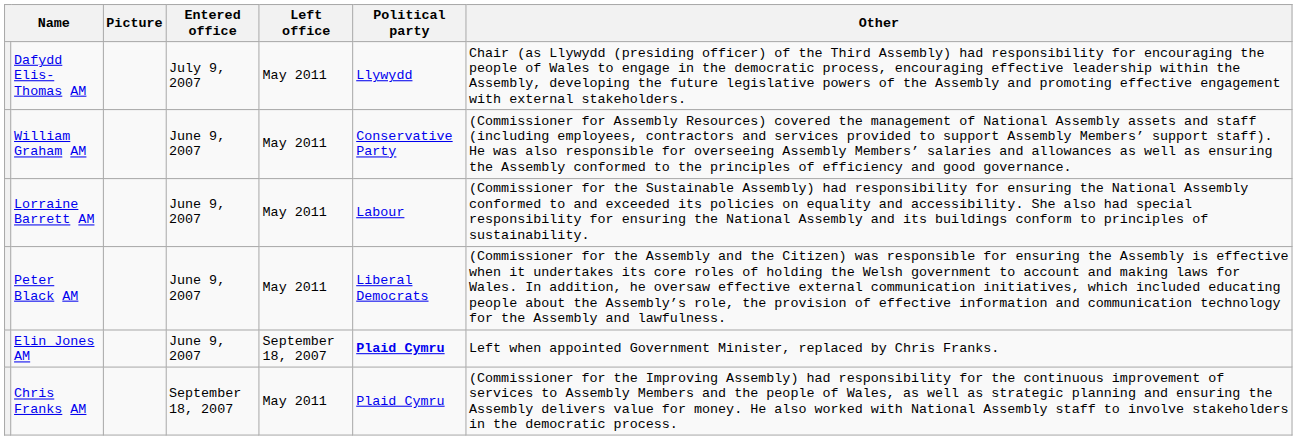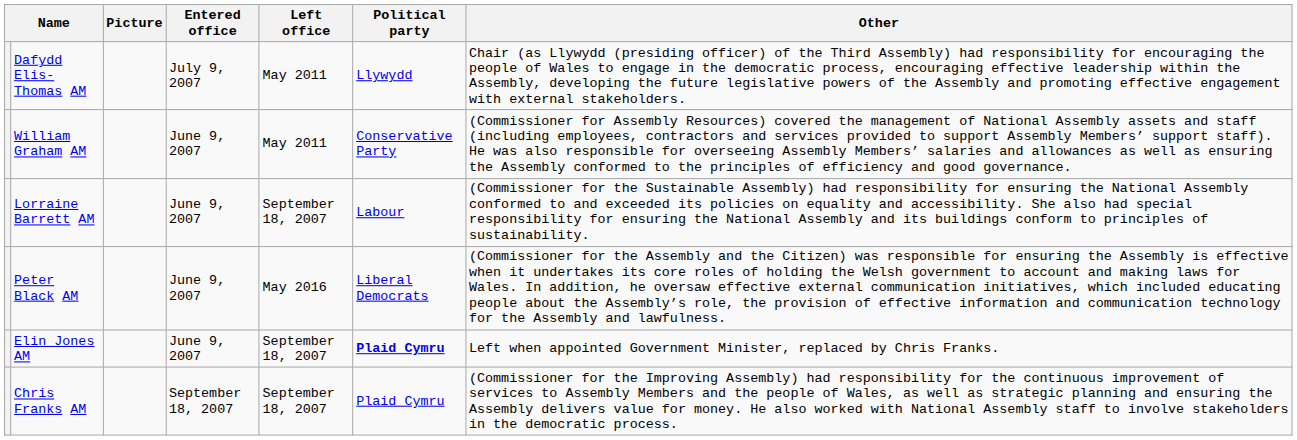 <table class="wikitable">
 <tr>
 <th colspan=2>Name</th>
 <th>Picture</th>
 <th>Entered office</th>
 <th>Left office</th>
 <th>Political party</th>
 <th>Other</th>
 </tr>
 <tr>
 <th style="background-color:"></th>
 <td><a href='#'>Dafydd Elis-Thomas</a> <a href='#'>AM</a></td>
 <td></td>
 <td>July 9, 2007</td>
 <td>May 2011</td>
 <td><a href='#'>Llywydd</a></td>
 <td>Chair (as Llywydd (presiding officer) of the Third Assembly) had responsibility for encouraging the people of Wales to engage in the democratic process, encouraging effective leadership within the Assembly, developing the future legislative powers of the Assembly and promoting effective engagement with external stakeholders.</td>
 </tr>
 <tr>
 <th style="background-color:"></th>
 <td><a href='#'>William Graham</a> <a href='#'>AM</a></td>
 <td></td>
 <td>June 9, 2007</td>
 <td>May 2011</td>
 <td><a href='#'>Conservative Party</a></td>
 <td>(Commissioner for Assembly Resources) covered the management of National Assembly assets and staff (including employees, contractors and services provided to support Assembly Members’ support staff). He was also responsible for overseeing Assembly Members’ salaries and allowances as well as ensuring the Assembly conformed to the principles of efficiency and good governance.</td>
 </tr>
 <tr>
 <th style="background-color:"></th>
 <td><a href='#'>Lorraine Barrett</a> <a href='#'>AM</a></td>
 <td></td>
 <td>June 9, 2007</td>
-<td>May 2011</td>
+<td>September 18, 2007</td>
 <td><a href='#'>Labour</a></td>
 <td>(Commissioner for the Sustainable Assembly) had responsibility for ensuring the National Assembly conformed to and exceeded its policies on equality and accessibility. She also had special responsibility for ensuring the National Assembly and its buildings conform to principles of sustainability.</td>
 </tr>
 <tr>
 <th style="background-color:"></th>
 <td><a href='#'>Peter Black</a> <a href='#'>AM</a></td>
 <td></td>
 <td>June 9, 2007</td>
-<td>May 2011</td>
+<td>May 2016</td>
 <td><a href='#'>Liberal Democrats</a></td>
 <td>(Commissioner for the Assembly and the Citizen) was responsible for ensuring the Assembly is effective when it undertakes its core roles of holding the Welsh government to account and making laws for Wales. In addition, he oversaw effective external communication initiatives, which included educating people about the Assembly’s role, the provision of effective information and communication technology for the Assembly and lawfulness.</td>
 </tr>
 <tr>
 <th style="background-color:"></th>
 <td><a href='#'>Elin Jones</a> <a href='#'>AM</a></td>
 <td></td>
 <td>June 9, 2007</td>
 <td>September 18, 2007</td>
 <td><strong><a href='#'>Plaid Cymru</a></strong></td>
 <td>Left when appointed Government Minister, replaced by Chris Franks.</td>
 </tr>
 <tr>
 <th style="background-color:"></th>
 <td><a href='#'>Chris Franks</a> <a href='#'>AM</a></td>
 <td></td>
 <td>September 18, 2007</td>
-<td>May 2011</td>
+<td>September 18, 2007</td>
 <td><a href='#'>Plaid Cymru</a></td>
 <td>(Commissioner for the Improving Assembly) had responsibility for the continuous improvement of services to Assembly Members and the people of Wales, as well as strategic planning and ensuring the Assembly delivers value for money. He also worked with National Assembly staff to involve stakeholders in the democratic process.</td>
 </tr>
 </table>
